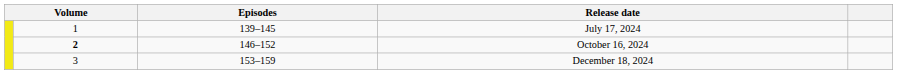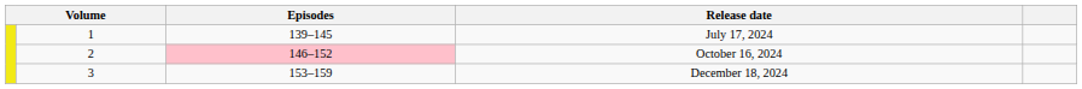 <table class="wikitable" style="text-align:center; width: 70%;">
 <tr>
 <th colspan="2" width="15%">Volume</th>
 <th>Episodes</th>
 <th>Release date</th>
 <th width="5%"></th>
 </tr>
 <tr>
 <td rowspan="3" width="1%" style="background: #F2EA16"></td>
 <td>1</td>
 <td>139–145</td>
 <td>July 17, 2024</td>
 <td></td>
 </tr>
 <tr>
-<td><strong>2</strong></td>
-<td>146–152</td>
+<td>2</td>
+<td style="background: pink;">146–152</td>
 <td>October 16, 2024</td>
 <td></td>
 </tr>
 <tr>
 <td>3</td>
 <td>153–159</td>
 <td>December 18, 2024</td>
 <td></td>
 </tr>
 </table>
